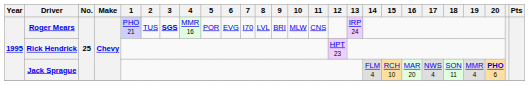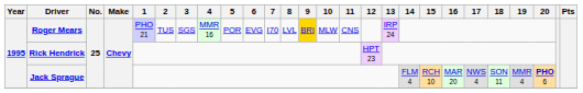 <table class="wikitable" style="text-align:center; font-size:75%">
 <tr>
 <th>Year</th>
 <th>Driver</th>
 <th>No.</th>
 <th>Make</th>
 <th>1</th>
 <th>2</th>
 <th>3</th>
 <th>4</th>
 <th>5</th>
 <th>6</th>
 <th>7</th>
 <th>8</th>
 <th>9</th>
 <th>10</th>
 <th>11</th>
 <th>12</th>
 <th>13</th>
 <th>14</th>
 <th>15</th>
 <th>16</th>
 <th>17</th>
 <th>18</th>
 <th>19</th>
 <th>20</th>
 <th></th>
 <th>Pts</th>
 </tr>
 <tr>
 <th rowspan=3><a href='#'>1995</a></th>
 <th><a href='#'>Roger Mears</a></th>
 <th rowspan=3>25</th>
 <th rowspan=3><a href='#'>Chevy</a></th>
 <td style="background:#CFCFFF;"><a href='#'>PHO</a><br><small>21</small></td>
 <td><a href='#'>TUS</a></td>
-<td><strong><a href='#'>SGS</a></strong></td>
+<td><a href='#'>SGS</a></td>
 <td style="background:#DFFFDF;"><a href='#'>MMR</a><br><small>16</small></td>
 <td><a href='#'>POR</a></td>
 <td><a href='#'>EVG</a></td>
 <td><a href='#'>I70</a></td>
 <td><a href='#'>LVL</a></td>
-<td><a href='#'>BRI</a></td>
+<td style="background: gold;"><a href='#'>BRI</a></td>
 <td><a href='#'>MLW</a></td>
 <td><a href='#'>CNS</a></td>
 <td></td>
 <td style="background:#EFCFFF;"><a href='#'>IRP</a><br><small>24</small></td>
 <td colspan=7></td>
 <th rowspan=3></th>
 <th rowspan=3></th>
 </tr>
 <tr>
 <th><a href='#'>Rick Hendrick</a></th>
 <td colspan=11></td>
 <td style="background:#EFCFFF;"><a href='#'>HPT</a><br><small>23</small></td>
 <td colspan=8></td>
 </tr>
 <tr>
 <th><a href='#'>Jack Sprague</a></th>
 <td colspan=13></td>
 <td style="background:#DFDFDF;"><a href='#'>FLM</a><br><small>4</small></td>
 <td style="background:#FFDF9F;"><a href='#'>RCH</a><br><small>10</small></td>
 <td style="background:#DFFFDF;"><a href='#'>MAR</a><br><small>20</small></td>
 <td style="background:#DFDFDF;"><a href='#'>NWS</a><br><small>4</small></td>
 <td style="background:#DFFFDF;"><a href='#'>SON</a><br><small>11</small></td>
 <td style="background:#DFDFDF;"><a href='#'>MMR</a><br><small>4</small></td>
 <td style="background:#FFDF9F;"><strong><a href='#'>PHO</a></strong><br><small>6</small></td>
 </tr>
 <tr>
 </tr>
 </table>
